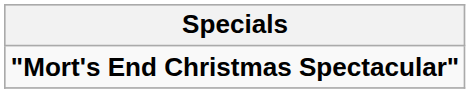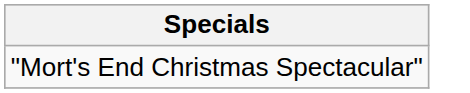 <table class="wikitable">
 <tr>
 <th>Specials</th>
 </tr>
 <tr>
-<td><strong>"Mort's End Christmas Spectacular"</strong></td>
+<td>"Mort's End Christmas Spectacular"</td>
 </tr>
 </table>
